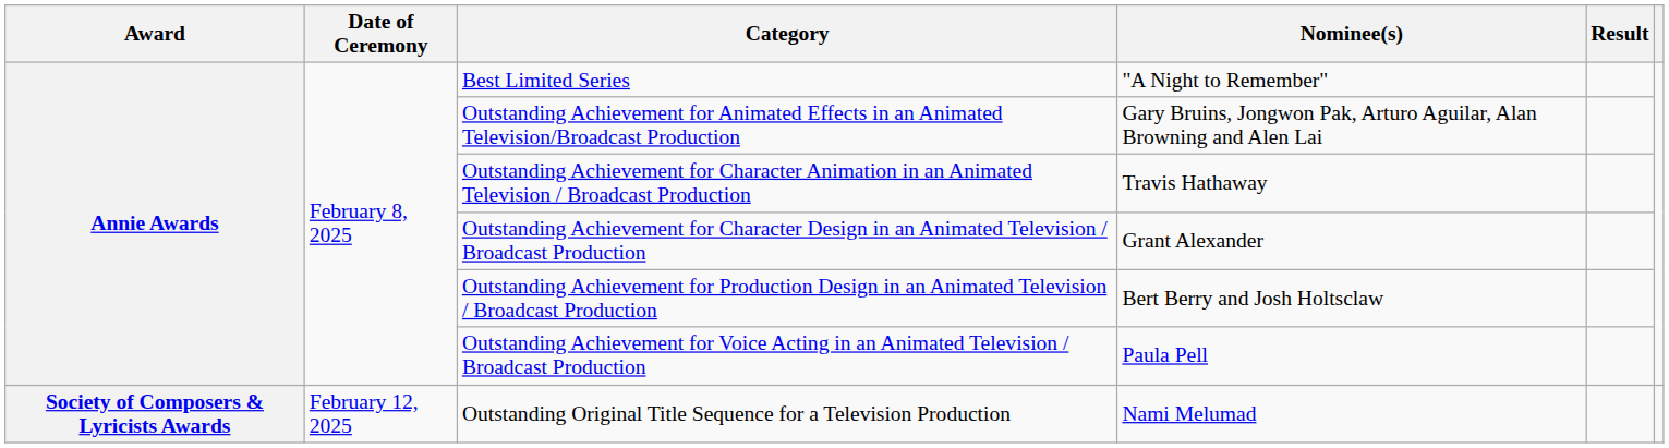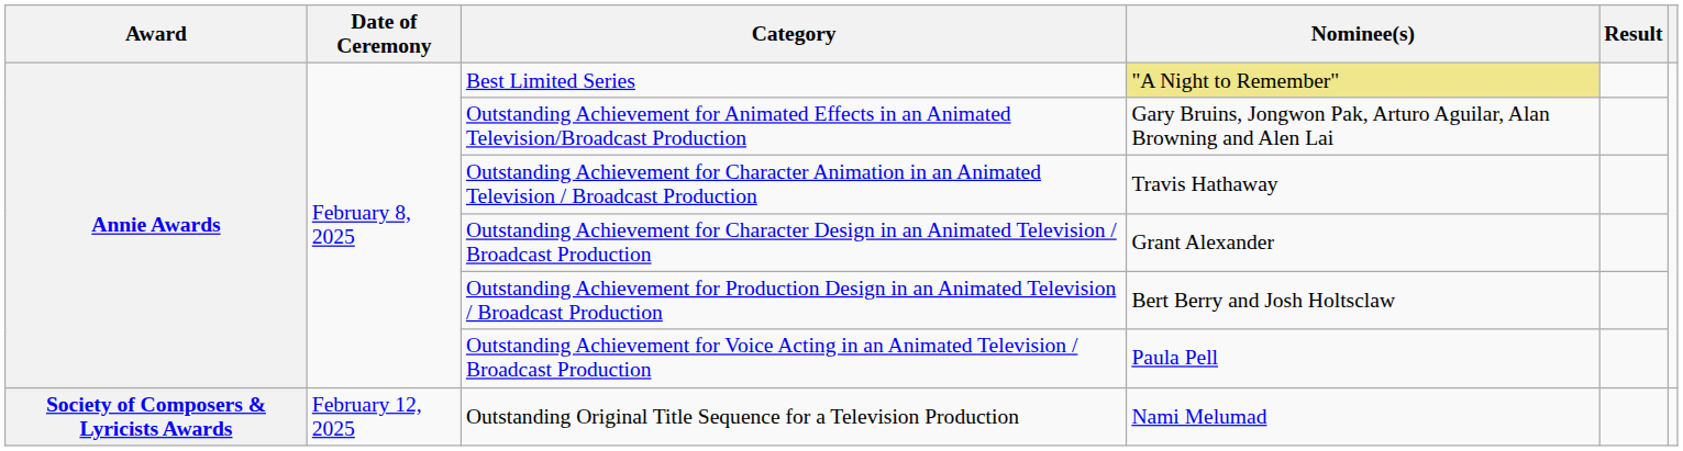 <table class="wikitable plainrowheaders">
 <tr>
 <th scope="col">Award</th>
 <th scope="col">Date of Ceremony</th>
 <th scope="col">Category</th>
 <th scope="col">Nominee(s)</th>
 <th scope="col">Result</th>
 <th scope="col"></th>
 </tr>
 <tr>
 <th scope="row" rowspan="6"><a href='#'>Annie Awards</a></th>
 <td rowspan="6"><a href='#'>February 8, 2025</a></td>
 <td><a href='#'>Best Limited Series</a></td>
-<td>"A Night to Remember"</td>
+<td style="background: khaki;">"A Night to Remember"</td>
 <td></td>
 <td rowspan="6" align="center"></td>
 </tr>
 <tr>
 <td><a href='#'>Outstanding Achievement for Animated Effects in an Animated Television/Broadcast Production</a></td>
 <td>Gary Bruins, Jongwon Pak, Arturo Aguilar, Alan Browning and Alen Lai </td>
 <td></td>
 </tr>
 <tr>
 <td><a href='#'>Outstanding Achievement for Character Animation in an Animated Television / Broadcast Production</a></td>
 <td>Travis Hathaway </td>
 <td></td>
 </tr>
 <tr>
 <td><a href='#'>Outstanding Achievement for Character Design in an Animated Television / Broadcast Production</a></td>
 <td>Grant Alexander </td>
 <td></td>
 </tr>
 <tr>
 <td><a href='#'>Outstanding Achievement for Production Design in an Animated Television / Broadcast Production</a></td>
 <td>Bert Berry and Josh Holtsclaw </td>
 <td></td>
 </tr>
 <tr>
 <td><a href='#'>Outstanding Achievement for Voice Acting in an Animated Television / Broadcast Production</a></td>
 <td><a href='#'>Paula Pell</a> </td>
 <td></td>
 </tr>
 <tr>
 <th scope="row"><a href='#'>Society of Composers & Lyricists Awards</a></th>
 <td><a href='#'>February 12, 2025</a></td>
 <td>Outstanding Original Title Sequence for a Television Production</td>
 <td><a href='#'>Nami Melumad</a></td>
 <td></td>
 <td align="center"></td>
 </tr>
 </table>
